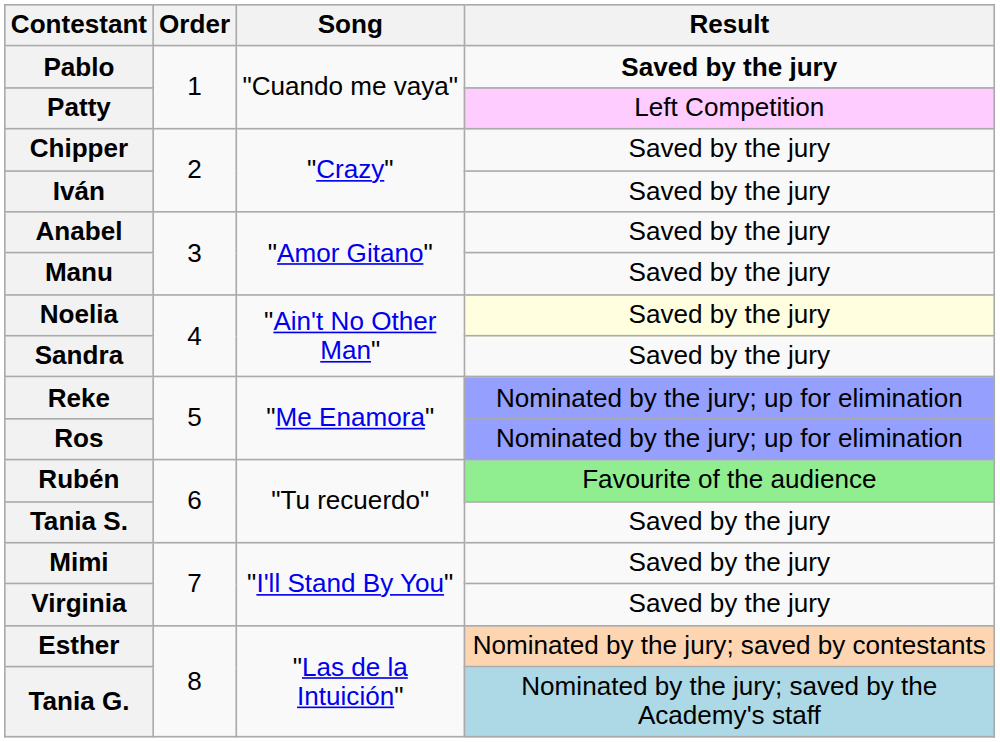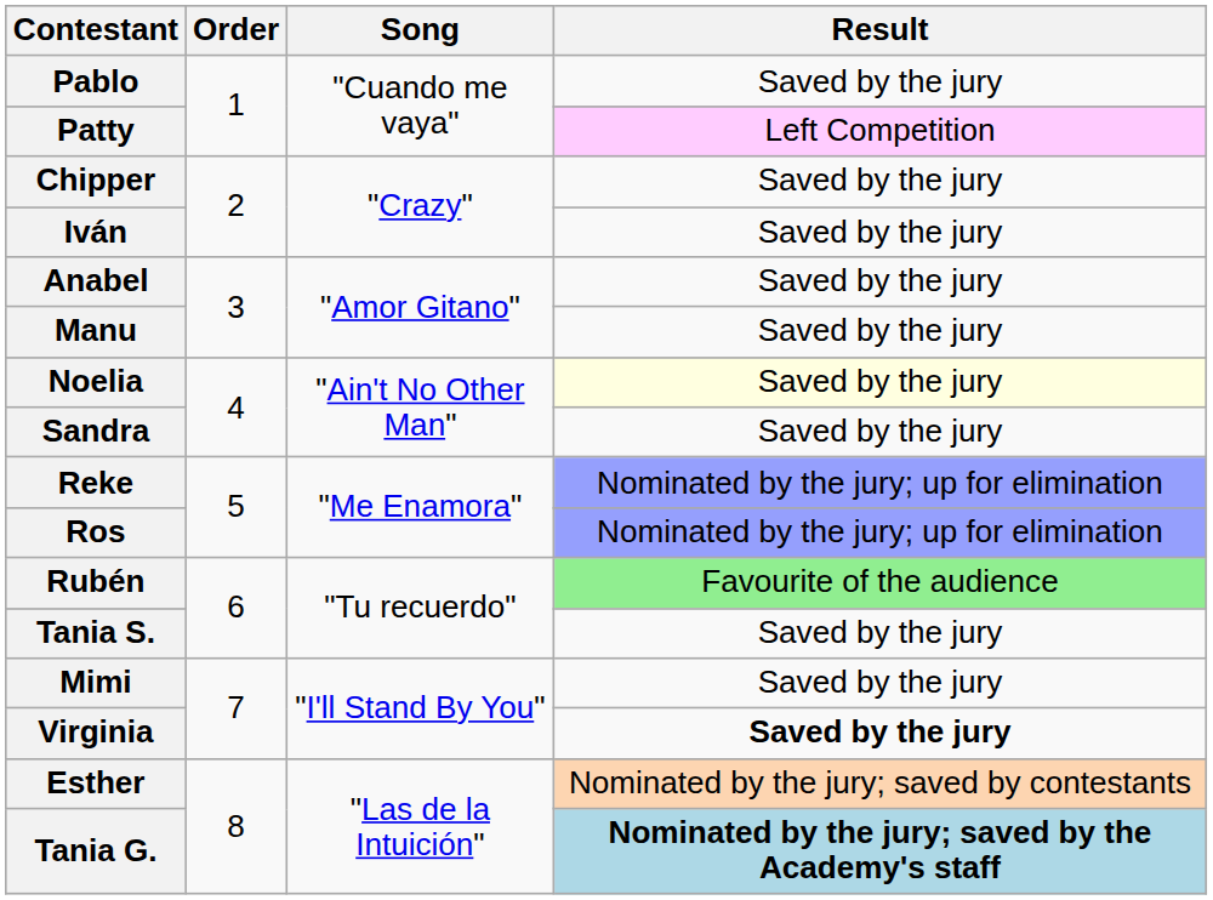 <table class="wikitable plainrowheaders" style="text-align:center;">
 <tr>
 <th scope="col">Contestant</th>
 <th scope="col">Order</th>
 <th scope="col">Song</th>
 <th scope="col">Result</th>
 </tr>
 <tr>
 <th scope="row">Pablo</th>
 <td rowspan="2">1</td>
 <td rowspan="2">"Cuando me vaya"</td>
-<td><strong>Saved by the jury</strong></td>
+<td>Saved by the jury</td>
 </tr>
 <tr>
 <th scope="row">Patty</th>
 <td style="background:#ffccff;">Left Competition</td>
 </tr>
 <tr>
 <th scope="row">Chipper</th>
 <td rowspan="2">2</td>
 <td rowspan="2">"<a href='#'>Crazy</a>"</td>
 <td>Saved by the jury</td>
 </tr>
 <tr>
 <th scope="row">Iván</th>
 <td>Saved by the jury</td>
 </tr>
 <tr>
 <th scope="row">Anabel</th>
 <td rowspan="2">3</td>
 <td rowspan="2">"<a href='#'>Amor Gitano</a>"</td>
 <td>Saved by the jury</td>
 </tr>
 <tr>
 <th scope="row">Manu</th>
 <td>Saved by the jury</td>
 </tr>
 <tr>
 <th scope="row">Noelia</th>
 <td rowspan="2">4</td>
 <td rowspan="2">"<a href='#'>Ain't No Other Man</a>"</td>
 <td style="background: lightyellow;">Saved by the jury</td>
 </tr>
 <tr>
 <th scope="row">Sandra</th>
 <td>Saved by the jury</td>
 </tr>
 <tr>
 <th scope="row">Reke</th>
 <td rowspan="2">5</td>
 <td rowspan="2">"<a href='#'>Me Enamora</a>"</td>
 <td style="background:#959ffd;">Nominated by the jury; up for elimination</td>
 </tr>
 <tr>
 <th scope="row">Ros</th>
 <td style="background:#959ffd;">Nominated by the jury; up for elimination</td>
 </tr>
 <tr>
 <th scope="row">Rubén</th>
 <td rowspan="2">6</td>
 <td rowspan="2">"Tu recuerdo"</td>
 <td style="background:lightgreen;">Favourite of the audience</td>
 </tr>
 <tr>
 <th scope="row">Tania S.</th>
 <td>Saved by the jury</td>
 </tr>
 <tr>
 <th scope="row">Mimi</th>
 <td rowspan="2">7</td>
 <td rowspan="2">"<a href='#'>I'll Stand By You</a>"</td>
 <td>Saved by the jury</td>
 </tr>
 <tr>
 <th scope="row">Virginia</th>
-<td>Saved by the jury</td>
+<td><strong>Saved by the jury</strong></td>
 </tr>
 <tr>
 <th scope="row">Esther</th>
 <td rowspan="2">8</td>
 <td rowspan="2">"<a href='#'>Las de la Intuición</a>"</td>
 <td style="background:#fdd5b1;">Nominated by the jury; saved by contestants</td>
 </tr>
 <tr>
 <th scope="row">Tania G.</th>
-<td style="background:lightblue;">Nominated by the jury; saved by the Academy's staff</td>
+<td style="background:lightblue;"><strong>Nominated by the jury; saved by the Academy's staff</strong></td>
 </tr>
 </table>
